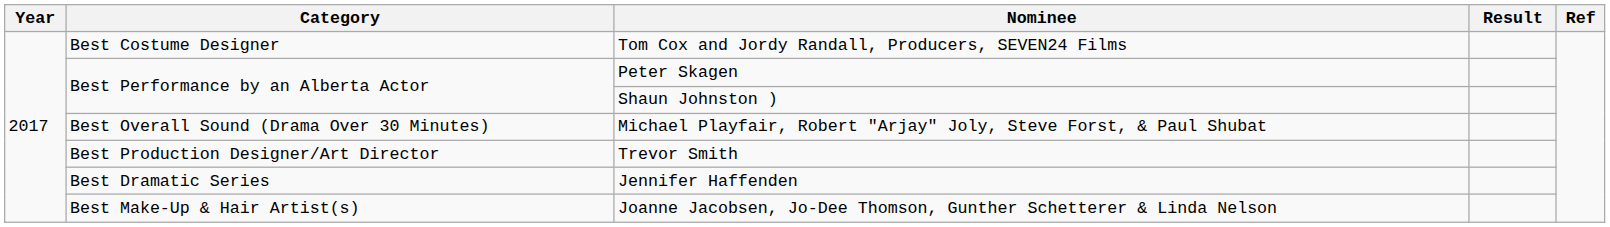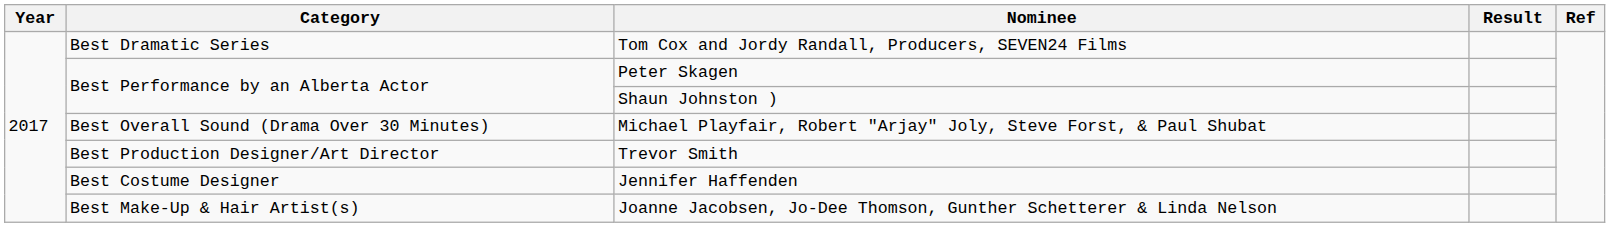 <table class="wikitable" style="width:99%;">
 <tr style="text-align:center;">
 <th>Year</th>
 <th>Category</th>
 <th>Nominee</th>
 <th>Result</th>
 <th>Ref</th>
 </tr>
 <tr>
 <td rowspan=7>2017</td>
-<td>Best Costume Designer</td>
+<td>Best Dramatic Series</td>
 <td>Tom Cox and Jordy Randall, Producers, SEVEN24 Films</td>
 <td></td>
 <td rowspan=7></td>
 </tr>
 <tr>
 <td rowspan=2>Best Performance by an Alberta Actor</td>
 <td>Peter Skagen </td>
 <td></td>
 </tr>
 <tr>
 <td>Shaun Johnston )</td>
 <td></td>
 </tr>
 <tr>
 <td>Best Overall Sound (Drama Over 30 Minutes)</td>
 <td>Michael Playfair, Robert "Arjay" Joly, Steve Forst, & Paul Shubat </td>
 <td></td>
 </tr>
 <tr>
 <td>Best Production Designer/Art Director</td>
 <td>Trevor Smith </td>
 <td></td>
 </tr>
 <tr>
-<td>Best Dramatic Series</td>
+<td>Best Costume Designer</td>
 <td>Jennifer Haffenden </td>
 <td></td>
 </tr>
 <tr>
 <td>Best Make-Up & Hair Artist(s)</td>
 <td>Joanne Jacobsen, Jo-Dee Thomson, Gunther Schetterer & Linda Nelson </td>
 <td></td>
 </tr>
 </table>
